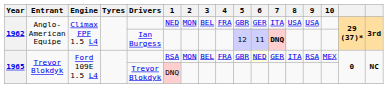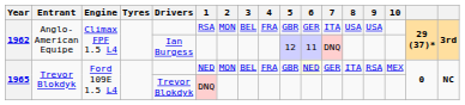 <table class="wikitable" style="text-align:center; font-size:95%">
 <tr>
 <th>Year</th>
 <th>Entrant</th>
 <th>Engine</th>
 <th>Tyres</th>
 <th>Drivers</th>
 <th>1</th>
 <th>2</th>
 <th>3</th>
 <th>4</th>
 <th>5</th>
 <th>6</th>
 <th>7</th>
 <th>8</th>
 <th>9</th>
 <th>10</th>
 <th></th>
 <th></th>
 </tr>
 <tr>
 <th rowspan="2"><a href='#'>1962</a></th>
 <td rowspan="2">Anglo-American Equipe</td>
 <td rowspan="2"><a href='#'>Climax</a> <a href='#'>FPF</a> 1.5 <a href='#'>L4</a></td>
 <td rowspan="2"></td>
 <td></td>
-<td><a href='#'>NED</a></td>
+<td><a href='#'>RSA</a></td>
 <td><a href='#'>MON</a></td>
 <td><a href='#'>BEL</a></td>
 <td><a href='#'>FRA</a></td>
 <td><a href='#'>GBR</a></td>
 <td><a href='#'>GER</a></td>
 <td><a href='#'>ITA</a></td>
 <td><a href='#'>USA</a></td>
 <td><a href='#'>USA</a></td>
 <td></td>
 <td rowspan="2" style="background:#FFDF9F;"><strong>29 (37)*</strong></td>
 <td rowspan="2" style="background:#FFDF9F;"><strong>3rd</strong></td>
 </tr>
 <tr>
 <td><a href='#'>Ian Burgess</a></td>
 <td></td>
 <td></td>
 <td></td>
 <td></td>
 <td style="background:#CFCFFF;">12</td>
 <td style="background:#CFCFFF;">11</td>
-<td style="background:#FFCFCF;"><strong>DNQ</strong></td>
+<td style="background:#FFCFCF;">DNQ</td>
 <td></td>
 <td></td>
 <td></td>
 </tr>
 <tr>
 <th rowspan="2"><a href='#'>1965</a></th>
 <td rowspan="2"><a href='#'>Trevor Blokdyk</a></td>
 <td rowspan="2"><a href='#'>Ford</a> 109E 1.5 <a href='#'>L4</a></td>
 <td rowspan="2"></td>
 <td></td>
-<td><a href='#'>RSA</a></td>
+<td><a href='#'>NED</a></td>
 <td><a href='#'>MON</a></td>
 <td><a href='#'>BEL</a></td>
 <td><a href='#'>FRA</a></td>
 <td><a href='#'>GBR</a></td>
 <td style="background: lightyellow;"><a href='#'>NED</a></td>
 <td><a href='#'>GER</a></td>
 <td><a href='#'>ITA</a></td>
 <td><a href='#'>RSA</a></td>
 <td><a href='#'>MEX</a></td>
 <td rowspan="2"><strong>0</strong></td>
 <td rowspan="2"><strong>NC</strong></td>
 </tr>
 <tr>
 <td><a href='#'>Trevor Blokdyk</a></td>
 <td style="background:#FFCFCF;">DNQ</td>
 <td></td>
 <td></td>
 <td></td>
 <td></td>
 <td></td>
 <td></td>
 <td></td>
 <td></td>
 <td></td>
 </tr>
 </table>
